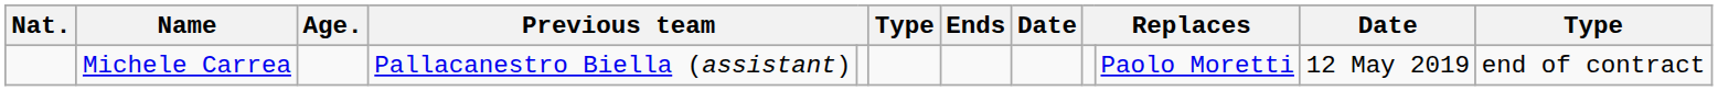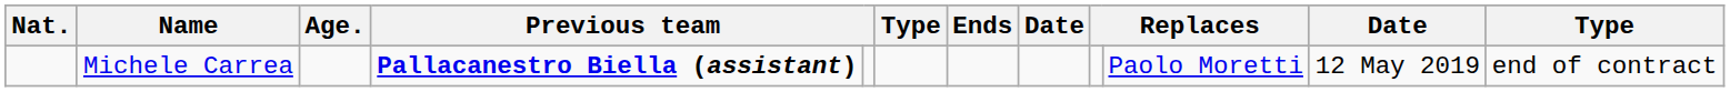 <table class="wikitable sortable">
 <tr>
 <th>Nat.</th>
 <th>Name</th>
 <th>Age.</th>
 <th colspan=2>Previous team</th>
 <th>Type</th>
 <th>Ends</th>
 <th>Date</th>
 <th colspan=2>Replaces</th>
 <th>Date</th>
 <th>Type</th>
 </tr>
 <tr>
 <td></td>
 <td><a href='#'>Michele Carrea</a></td>
 <td></td>
-<td><a href='#'>Pallacanestro Biella</a> (<em>assistant</em>)</td>
+<td><strong><a href='#'>Pallacanestro Biella</a> (<em>assistant</em>)</strong></td>
 <td></td>
 <td></td>
 <td></td>
 <td></td>
 <td></td>
 <td><a href='#'>Paolo Moretti</a></td>
 <td>12 May 2019</td>
 <td>end of contract</td>
 </tr>
 </table>
